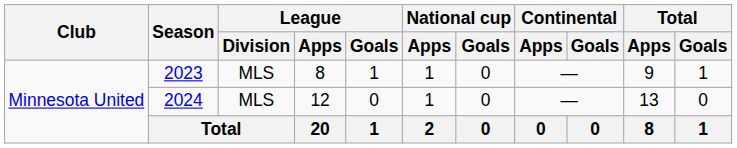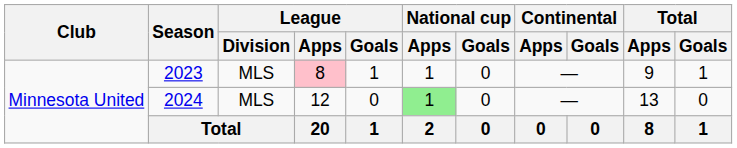 <table class="wikitable" style="text-align:center">
 <tr>
 <th rowspan="2">Club</th>
 <th rowspan="2">Season</th>
 <th colspan="3">League</th>
 <th colspan="2">National cup</th>
 <th colspan="2">Continental</th>
 <th colspan="2">Total</th>
 </tr>
 <tr>
 <th>Division</th>
 <th>Apps</th>
 <th>Goals</th>
 <th>Apps</th>
 <th>Goals</th>
 <th>Apps</th>
 <th>Goals</th>
 <th>Apps</th>
 <th>Goals</th>
 </tr>
 <tr>
 <td rowspan="3"><a href='#'>Minnesota United</a></td>
 <td><a href='#'>2023</a></td>
 <td>MLS</td>
-<td>8</td>
+<td style="background: pink;">8</td>
 <td>1</td>
 <td>1</td>
 <td>0</td>
 <td colspan="2">—</td>
 <td>9</td>
 <td>1</td>
 </tr>
 <tr>
 <td><a href='#'>2024</a></td>
 <td>MLS</td>
 <td>12</td>
 <td>0</td>
-<td>1</td>
+<td style="background: lightgreen;">1</td>
 <td>0</td>
 <td colspan="2">—</td>
 <td>13</td>
 <td>0</td>
 </tr>
 <tr>
 <th colspan="2">Total</th>
 <th>20</th>
 <th>1</th>
 <th>2</th>
 <th>0</th>
 <th>0</th>
 <th>0</th>
 <th>8</th>
 <th>1</th>
 </tr>
 </table>
